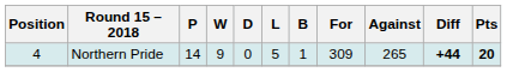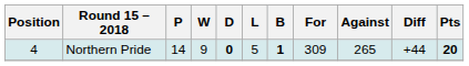 <table class="wikitable" style="text-align:center; font-size:85%;">
 <tr style="background: #d7ebed;">
 <th width="40" abbr="Position">Position</th>
 <th width="100">Round 15 – 2018</th>
 <th width="20" abbr="Played">P</th>
 <th width="20" abbr="Won">W</th>
 <th width="20" abbr="Drawn">D</th>
 <th width="20" abbr="Lost">L</th>
 <th width="20" abbr="Bye">B</th>
 <th width="40" abbr="Points for">For</th>
 <th width="40" abbr="Points against">Against</th>
 <th width="40" abbr="Points difference">Diff</th>
 <th width=20 abbr="Points">Pts</th>
 </tr>
 <tr style="background: #d7ebed;">
 <td>4</td>
 <td style="text-align:left;"> Northern Pride</td>
 <td>14</td>
 <td>9</td>
-<td>0</td>
+<td><strong>0</strong></td>
 <td>5</td>
-<td>1</td>
+<td><strong>1</strong></td>
 <td>309</td>
 <td>265</td>
-<td><strong>+44</strong></td>
+<td>+44</td>
 <td><strong>20</strong></td>
 </tr>
 <tr>
 </tr>
 </table>
